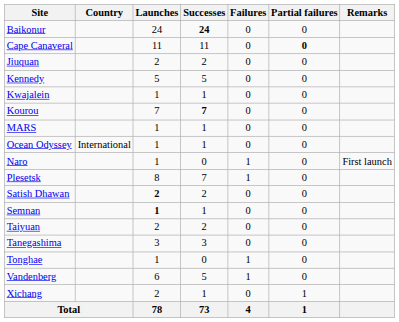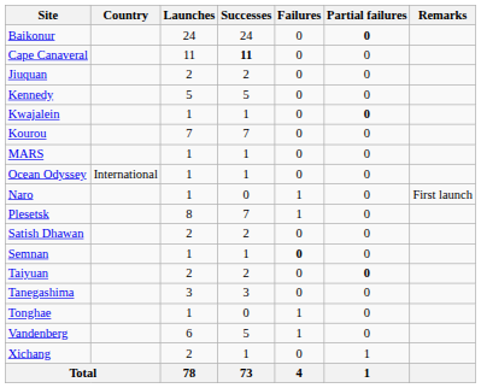 <table class="wikitable sortable" style=text-align:center>
 <tr>
 <th>Site</th>
 <th>Country</th>
 <th>Launches</th>
 <th>Successes</th>
 <th>Failures</th>
 <th>Partial failures</th>
 <th>Remarks</th>
 </tr>
 <tr>
 <td align=left><a href='#'>Baikonur</a></td>
 <td align=left></td>
 <td>24</td>
-<td><strong>24</strong></td>
+<td>24</td>
 <td>0</td>
-<td>0</td>
+<td><strong>0</strong></td>
 <td></td>
 </tr>
 <tr>
 <td align=left><a href='#'>Cape Canaveral</a></td>
 <td align=left></td>
 <td>11</td>
-<td>11</td>
+<td><strong>11</strong></td>
 <td>0</td>
-<td><strong>0</strong></td>
+<td>0</td>
 <td></td>
 </tr>
 <tr>
 <td align=left><a href='#'>Jiuquan</a></td>
 <td align=left></td>
 <td>2</td>
 <td>2</td>
 <td>0</td>
 <td>0</td>
 <td></td>
 </tr>
 <tr>
 <td align=left><a href='#'>Kennedy</a></td>
 <td align=left></td>
 <td>5</td>
 <td>5</td>
 <td>0</td>
 <td>0</td>
 <td></td>
 </tr>
 <tr>
 <td align=left><a href='#'>Kwajalein</a></td>
 <td align=left></td>
 <td>1</td>
 <td>1</td>
 <td>0</td>
-<td>0</td>
+<td><strong>0</strong></td>
 <td></td>
 </tr>
 <tr>
 <td align=left><a href='#'>Kourou</a></td>
 <td align=left></td>
 <td>7</td>
-<td><strong>7</strong></td>
+<td>7</td>
 <td>0</td>
 <td>0</td>
 <td></td>
 </tr>
 <tr>
 <td align=left><a href='#'>MARS</a></td>
 <td align=left></td>
 <td>1</td>
 <td>1</td>
 <td>0</td>
 <td>0</td>
 <td></td>
 </tr>
 <tr>
 <td align=left><a href='#'>Ocean Odyssey</a></td>
 <td align=left> International</td>
 <td>1</td>
 <td>1</td>
 <td>0</td>
 <td>0</td>
 <td></td>
 </tr>
 <tr>
 <td align=left><a href='#'>Naro</a></td>
 <td align=left></td>
 <td>1</td>
 <td>0</td>
 <td>1</td>
 <td>0</td>
 <td align=left>First launch</td>
 </tr>
 <tr>
 <td align=left><a href='#'>Plesetsk</a></td>
 <td align=left></td>
 <td>8</td>
 <td>7</td>
 <td>1</td>
 <td>0</td>
 <td></td>
 </tr>
 <tr>
 <td align=left><a href='#'>Satish Dhawan</a></td>
 <td align=left></td>
-<td><strong>2</strong></td>
+<td>2</td>
 <td>2</td>
 <td>0</td>
 <td>0</td>
 <td></td>
 </tr>
 <tr>
 <td align=left><a href='#'>Semnan</a></td>
 <td align=left></td>
-<td><strong>1</strong></td>
 <td>1</td>
-<td>0</td>
+<td>1</td>
+<td><strong>0</strong></td>
 <td>0</td>
 <td></td>
 </tr>
 <tr>
 <td align=left><a href='#'>Taiyuan</a></td>
 <td align=left></td>
 <td>2</td>
 <td>2</td>
 <td>0</td>
-<td>0</td>
+<td><strong>0</strong></td>
 <td></td>
 </tr>
 <tr>
 <td align=left><a href='#'>Tanegashima</a></td>
 <td align=left></td>
 <td>3</td>
 <td>3</td>
 <td>0</td>
 <td>0</td>
 <td></td>
 </tr>
 <tr>
 <td align=left><a href='#'>Tonghae</a></td>
 <td align=left></td>
 <td>1</td>
 <td>0</td>
 <td>1</td>
 <td>0</td>
 <td></td>
 </tr>
 <tr>
 <td align=left><a href='#'>Vandenberg</a></td>
 <td align=left></td>
 <td>6</td>
 <td>5</td>
 <td>1</td>
 <td>0</td>
 <td></td>
 </tr>
 <tr>
 <td align=left><a href='#'>Xichang</a></td>
 <td align=left></td>
 <td>2</td>
 <td>1</td>
 <td>0</td>
 <td>1</td>
 <td></td>
 </tr>
 <tr class="sortbottom">
 <th colspan=2>Total</th>
 <th>78</th>
 <th>73</th>
 <th>4</th>
 <th>1</th>
 <th></th>
 </tr>
 </table>
